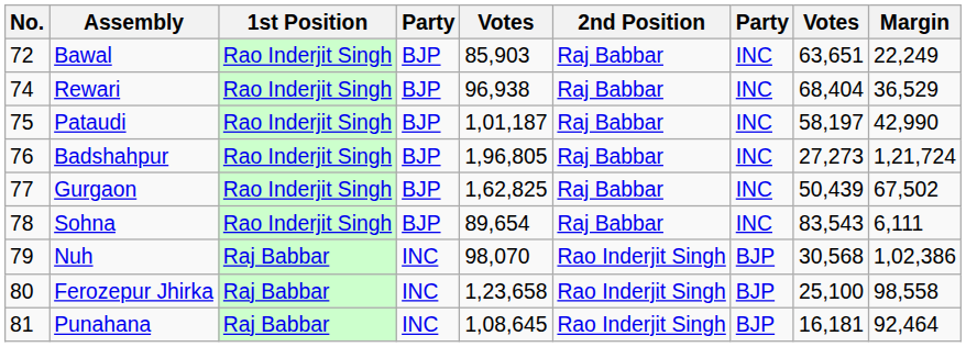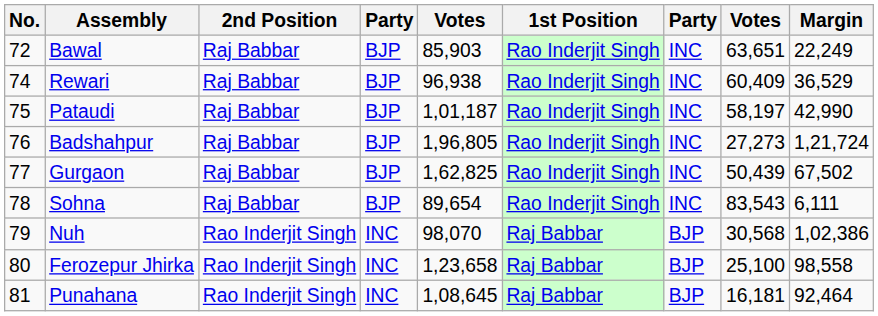 <table class="wikitable sortable imitable" style="font-size:95%;">
 <tr>
 <th>No.</th>
 <th>Assembly</th>
-<th>1st Position</th>
+<th>2nd Position</th>
 <th>Party</th>
 <th>Votes</th>
-<th>2nd Position</th>
+<th>1st Position</th>
 <th>Party</th>
 <th>Votes</th>
 <th>Margin</th>
 </tr>
 <tr>
 <td>72</td>
 <td><a href='#'>Bawal</a></td>
-<td style="background: #CCFFCC;"><a href='#'>Rao Inderjit Singh</a></td>
+<td><a href='#'>Raj Babbar</a></td>
 <td><a href='#'>BJP</a></td>
 <td style="background:">85,903</td>
-<td><a href='#'>Raj Babbar</a></td>
+<td style="background: #CCFFCC;"><a href='#'>Rao Inderjit Singh</a></td>
 <td><a href='#'>INC</a></td>
 <td style="background:">63,651</td>
 <td>22,249</td>
 </tr>
 <tr>
 <td>74</td>
 <td><a href='#'>Rewari</a></td>
-<td style="background: #CCFFCC;"><a href='#'>Rao Inderjit Singh</a></td>
+<td><a href='#'>Raj Babbar</a></td>
 <td><a href='#'>BJP</a></td>
 <td style="background:">96,938</td>
-<td><a href='#'>Raj Babbar</a></td>
+<td style="background: #CCFFCC;"><a href='#'>Rao Inderjit Singh</a></td>
 <td><a href='#'>INC</a></td>
-<td style="background:">68,404</td>
+<td style="background:">60,409</td>
 <td>36,529</td>
 </tr>
 <tr>
 <td>75</td>
 <td><a href='#'>Pataudi</a></td>
-<td style="background: #CCFFCC;"><a href='#'>Rao Inderjit Singh</a></td>
+<td><a href='#'>Raj Babbar</a></td>
 <td><a href='#'>BJP</a></td>
 <td style="background:">1,01,187</td>
-<td><a href='#'>Raj Babbar</a></td>
+<td style="background: #CCFFCC;"><a href='#'>Rao Inderjit Singh</a></td>
 <td><a href='#'>INC</a></td>
 <td style="background:">58,197</td>
 <td>42,990</td>
 </tr>
 <tr>
 <td>76</td>
 <td><a href='#'>Badshahpur</a></td>
-<td style="background: #CCFFCC;"><a href='#'>Rao Inderjit Singh</a></td>
+<td><a href='#'>Raj Babbar</a></td>
 <td><a href='#'>BJP</a></td>
 <td style="background:">1,96,805</td>
-<td><a href='#'>Raj Babbar</a></td>
+<td style="background: #CCFFCC;"><a href='#'>Rao Inderjit Singh</a></td>
 <td><a href='#'>INC</a></td>
 <td style="background:">27,273</td>
 <td>1,21,724</td>
 </tr>
 <tr>
 <td>77</td>
 <td><a href='#'>Gurgaon</a></td>
-<td style="background: #CCFFCC;"><a href='#'>Rao Inderjit Singh</a></td>
+<td><a href='#'>Raj Babbar</a></td>
 <td><a href='#'>BJP</a></td>
 <td style="background:">1,62,825</td>
-<td><a href='#'>Raj Babbar</a></td>
+<td style="background: #CCFFCC;"><a href='#'>Rao Inderjit Singh</a></td>
 <td><a href='#'>INC</a></td>
 <td style="background:">50,439</td>
 <td>67,502</td>
 </tr>
 <tr>
 <td>78</td>
 <td><a href='#'>Sohna</a></td>
-<td style="background: #CCFFCC;"><a href='#'>Rao Inderjit Singh</a></td>
+<td><a href='#'>Raj Babbar</a></td>
 <td><a href='#'>BJP</a></td>
 <td style="background:">89,654</td>
-<td><a href='#'>Raj Babbar</a></td>
+<td style="background: #CCFFCC;"><a href='#'>Rao Inderjit Singh</a></td>
 <td><a href='#'>INC</a></td>
 <td style="background:">83,543</td>
 <td>6,111</td>
 </tr>
 <tr>
 <td>79</td>
 <td><a href='#'>Nuh</a></td>
-<td style="background: #CCFFCC;"><a href='#'>Raj Babbar</a></td>
+<td><a href='#'>Rao Inderjit Singh</a></td>
 <td><a href='#'>INC</a></td>
 <td style="background:">98,070</td>
-<td><a href='#'>Rao Inderjit Singh</a></td>
+<td style="background: #CCFFCC;"><a href='#'>Raj Babbar</a></td>
 <td><a href='#'>BJP</a></td>
 <td style="background:">30,568</td>
 <td>1,02,386</td>
 </tr>
 <tr>
 <td>80</td>
 <td><a href='#'>Ferozepur Jhirka</a></td>
-<td style="background: #CCFFCC;"><a href='#'>Raj Babbar</a></td>
+<td><a href='#'>Rao Inderjit Singh</a></td>
 <td><a href='#'>INC</a></td>
 <td style="background:">1,23,658</td>
-<td><a href='#'>Rao Inderjit Singh</a></td>
+<td style="background: #CCFFCC;"><a href='#'>Raj Babbar</a></td>
 <td><a href='#'>BJP</a></td>
 <td style="background:">25,100</td>
 <td>98,558</td>
 </tr>
 <tr>
 <td>81</td>
 <td><a href='#'>Punahana</a></td>
-<td style="background: #CCFFCC;"><a href='#'>Raj Babbar</a></td>
+<td><a href='#'>Rao Inderjit Singh</a></td>
 <td><a href='#'>INC</a></td>
 <td style="background:">1,08,645</td>
-<td><a href='#'>Rao Inderjit Singh</a></td>
+<td style="background: #CCFFCC;"><a href='#'>Raj Babbar</a></td>
 <td><a href='#'>BJP</a></td>
 <td style="background:">16,181</td>
 <td>92,464</td>
 </tr>
 </table>
